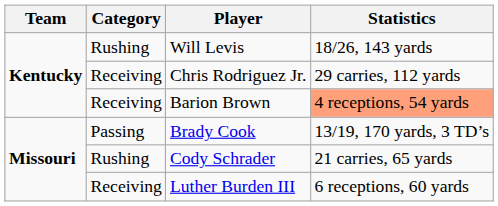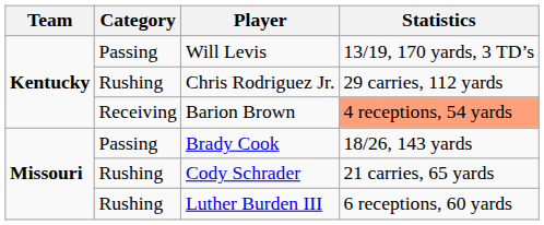 <table class="wikitable" style="float: right;">
 <tr>
 <th>Team</th>
 <th>Category</th>
 <th>Player</th>
 <th>Statistics</th>
 </tr>
 <tr>
 <td rowspan=3><strong>Kentucky</strong></td>
-<td>Rushing</td>
+<td>Passing</td>
 <td>Will Levis</td>
-<td>18/26, 143 yards</td>
+<td>13/19, 170 yards, 3 TD’s</td>
 </tr>
 <tr>
-<td>Receiving</td>
+<td>Rushing</td>
 <td>Chris Rodriguez Jr.</td>
 <td>29 carries, 112 yards</td>
 </tr>
 <tr>
 <td>Receiving</td>
 <td>Barion Brown</td>
 <td style="background: lightsalmon;">4 receptions, 54 yards</td>
 </tr>
 <tr>
 <td rowspan=3><strong>Missouri</strong></td>
 <td>Passing</td>
 <td><a href='#'>Brady Cook</a></td>
-<td>13/19, 170 yards, 3 TD’s</td>
+<td>18/26, 143 yards</td>
 </tr>
 <tr>
 <td>Rushing</td>
 <td><a href='#'>Cody Schrader</a></td>
 <td>21 carries, 65 yards</td>
 </tr>
 <tr>
-<td>Receiving</td>
+<td>Rushing</td>
 <td><a href='#'>Luther Burden III</a></td>
 <td>6 receptions, 60 yards</td>
 </tr>
 </table>
